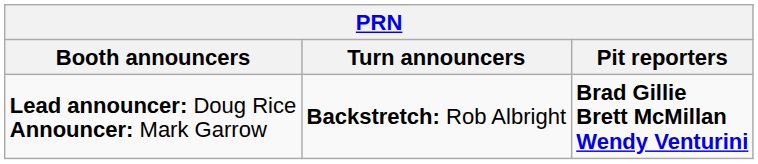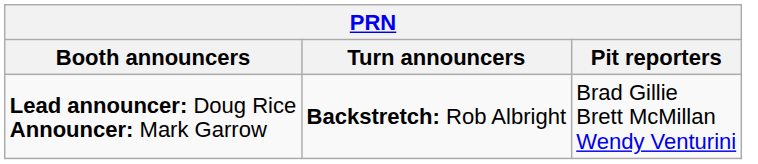 <table class="wikitable" style="font-size: 95%;">
 <tr>
 <th colspan="3"><a href='#'>PRN</a></th>
 </tr>
 <tr>
 <th>Booth announcers</th>
 <th>Turn announcers</th>
 <th>Pit reporters</th>
 </tr>
 <tr>
 <td><strong>Lead announcer:</strong> Doug Rice<br><strong>Announcer:</strong> Mark Garrow</td>
 <td><strong>Backstretch:</strong> Rob Albright</td>
-<td><strong>Brad Gillie<br>Brett McMillan<br><a href='#'>Wendy Venturini</a></strong></td>
+<td>Brad Gillie<br>Brett McMillan<br><a href='#'>Wendy Venturini</a></td>
 </tr>
 </table>
